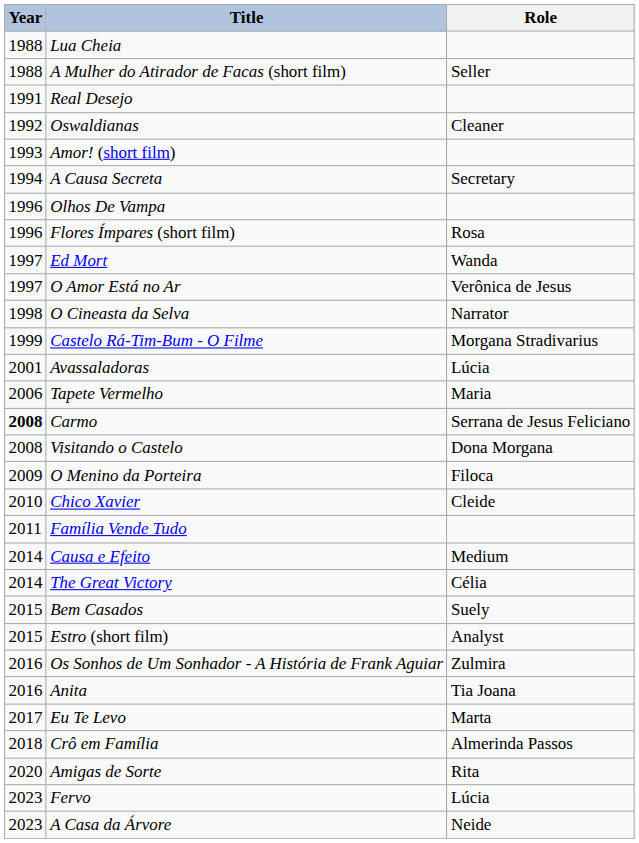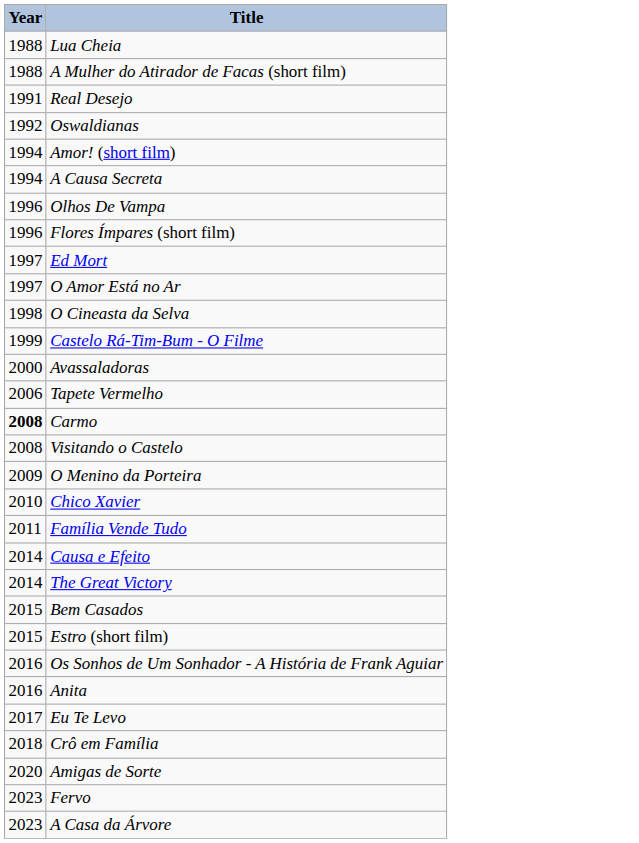 <table class="wikitable">
 <tr>
 <th style="background:#B0C4DE;">Year</th>
 <th style="background:#B0C4DE;">Title</th>
-<th style="background-image: initial; background-position: initial; background-size: initial; background-repeat: initial; background-attachment: initial; background-origin: initial; background-clip: initial;">Role</th>
 </tr>
 <tr>
 <td>1988</td>
 <td><em>Lua Cheia</em></td>
-<td></td>
 </tr>
 <tr>
 <td>1988</td>
 <td><em>A Mulher do Atirador de Facas</em> (short film)</td>
-<td>Seller</td>
 </tr>
 <tr>
 <td>1991</td>
 <td><em>Real Desejo</em></td>
-<td></td>
 </tr>
 <tr>
 <td>1992</td>
 <td><em>Oswaldianas</em></td>
-<td>Cleaner</td>
 </tr>
 <tr>
-<td>1993</td>
+<td>1994</td>
 <td><em>Amor!</em> (<a href='#'>short film</a>)</td>
-<td></td>
 </tr>
 <tr>
 <td>1994</td>
 <td><em>A Causa Secreta</em></td>
-<td>Secretary</td>
 </tr>
 <tr>
 <td>1996</td>
 <td><em>Olhos De Vampa</em></td>
-<td></td>
 </tr>
 <tr>
 <td>1996</td>
 <td><em>Flores Ímpares</em> (short film)</td>
-<td>Rosa</td>
 </tr>
 <tr>
 <td>1997</td>
 <td><em><a href='#'>Ed Mort</a></em></td>
-<td>Wanda</td>
 </tr>
 <tr>
 <td>1997</td>
 <td><em>O Amor Está no Ar</em></td>
-<td>Verônica de Jesus</td>
 </tr>
 <tr>
 <td>1998</td>
 <td><em>O Cineasta da Selva</em></td>
-<td>Narrator</td>
 </tr>
 <tr>
 <td>1999</td>
 <td><a href='#'><em>Castelo Rá-Tim-Bum - O Filme</em></a></td>
-<td>Morgana Stradivarius</td>
 </tr>
 <tr>
-<td>2001</td>
+<td>2000</td>
 <td><em>Avassaladoras</em></td>
-<td>Lúcia</td>
 </tr>
 <tr>
 <td>2006</td>
 <td><em>Tapete Vermelho</em></td>
-<td>Maria</td>
 </tr>
 <tr>
 <td><strong>2008</strong></td>
 <td><em>Carmo</em></td>
-<td>Serrana de Jesus Feliciano</td>
 </tr>
 <tr>
 <td>2008</td>
 <td><em>Visitando o Castelo</em></td>
-<td>Dona Morgana</td>
 </tr>
 <tr>
 <td>2009</td>
 <td><em>O Menino da Porteira</em></td>
-<td>Filoca</td>
 </tr>
 <tr>
 <td>2010</td>
 <td><a href='#'><em>Chico Xavier</em></a></td>
-<td>Cleide</td>
 </tr>
 <tr>
 <td>2011</td>
 <td><em><a href='#'>Família Vende Tudo</a></em></td>
-<td></td>
 </tr>
 <tr>
 <td>2014</td>
 <td><em><a href='#'>Causa e Efeito</a></em></td>
-<td>Medium</td>
 </tr>
 <tr>
 <td>2014</td>
 <td><em><a href='#'>The Great Victory</a></em></td>
-<td>Célia</td>
 </tr>
 <tr>
 <td>2015</td>
 <td><em>Bem Casados</em></td>
-<td>Suely</td>
 </tr>
 <tr>
 <td>2015</td>
 <td><em>Estro</em> (short film)</td>
-<td>Analyst</td>
 </tr>
 <tr>
 <td>2016</td>
 <td><em>Os Sonhos de Um Sonhador - A História de Frank Aguiar</em></td>
-<td>Zulmira</td>
 </tr>
 <tr>
 <td>2016</td>
 <td><em>Anita</em></td>
-<td>Tia Joana</td>
 </tr>
 <tr>
 <td>2017</td>
 <td><em>Eu Te Levo</em></td>
-<td>Marta</td>
 </tr>
 <tr>
 <td>2018</td>
 <td><em>Crô em Família</em></td>
-<td>Almerinda Passos</td>
 </tr>
 <tr>
 <td>2020</td>
 <td><em>Amigas de Sorte</em></td>
-<td>Rita</td>
 </tr>
 <tr>
 <td>2023</td>
 <td><em>Fervo</em></td>
-<td>Lúcia</td>
 </tr>
 <tr>
 <td>2023</td>
 <td><em>A Casa da Árvore</em></td>
-<td>Neide</td>
 </tr>
 </table>
